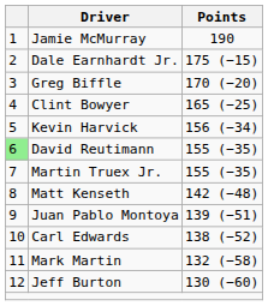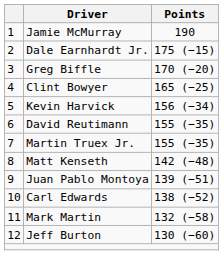 <table class="wikitable sortable">
 <tr>
 <th scope="col"></th>
 <th scope="col">Driver</th>
 <th scope="col">Points</th>
 </tr>
 <tr>
 <td scope="row">1</td>
 <td>Jamie McMurray</td>
 <td style="text-align:center;">190</td>
 </tr>
 <tr>
 <td scope="row">2</td>
 <td>Dale Earnhardt Jr.</td>
 <td style="text-align:center;">175 (−15)</td>
 </tr>
 <tr>
 <td scope="row">3</td>
 <td>Greg Biffle</td>
 <td style="text-align:center;">170 (−20)</td>
 </tr>
 <tr>
 <td scope="row">4</td>
 <td>Clint Bowyer</td>
 <td style="text-align:center;">165 (−25)</td>
 </tr>
 <tr>
 <td scope="row">5</td>
 <td>Kevin Harvick</td>
 <td style="text-align:center;">156 (−34)</td>
 </tr>
 <tr>
-<td scope="row" style="background: lightgreen;">6</td>
+<td scope="row">6</td>
 <td>David Reutimann</td>
 <td style="text-align:center;">155 (−35)</td>
 </tr>
 <tr>
 <td scope="row">7</td>
 <td>Martin Truex Jr.</td>
 <td style="text-align:center;">155 (−35)</td>
 </tr>
 <tr>
 <td scope="row">8</td>
 <td>Matt Kenseth</td>
 <td style="text-align:center;">142 (−48)</td>
 </tr>
 <tr>
 <td scope="row">9</td>
 <td>Juan Pablo Montoya</td>
 <td style="text-align:center;">139 (−51)</td>
 </tr>
 <tr>
 <td scope="row">10</td>
 <td>Carl Edwards</td>
 <td style="text-align:center;">138 (−52)</td>
 </tr>
 <tr>
 <td scope="row">11</td>
 <td>Mark Martin</td>
 <td style="text-align:center;">132 (−58)</td>
 </tr>
 <tr>
 <td scope="row">12</td>
 <td>Jeff Burton</td>
 <td style="text-align:center;">130 (−60)</td>
 </tr>
 <tr class="sortbottom">
 <td colspan="9"></td>
 </tr>
 </table>
